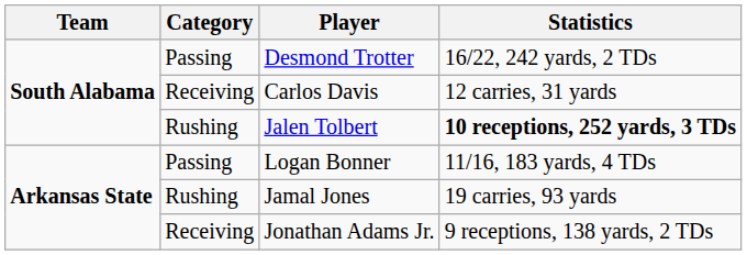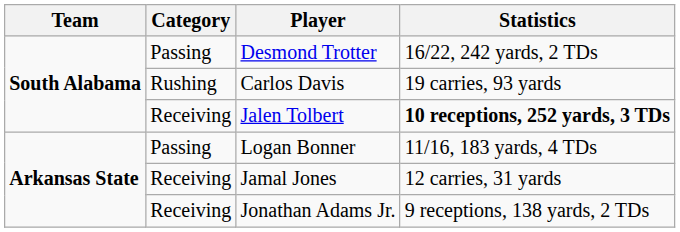 <table class="wikitable" style="float: left;">
 <tr>
 <th>Team</th>
 <th>Category</th>
 <th>Player</th>
 <th>Statistics</th>
 </tr>
 <tr>
 <td rowspan=3><strong>South Alabama</strong></td>
 <td>Passing</td>
 <td><a href='#'>Desmond Trotter</a></td>
 <td>16/22, 242 yards, 2 TDs</td>
 </tr>
 <tr>
-<td>Receiving</td>
+<td>Rushing</td>
 <td>Carlos Davis</td>
-<td>12 carries, 31 yards</td>
+<td>19 carries, 93 yards</td>
 </tr>
 <tr>
-<td>Rushing</td>
+<td>Receiving</td>
 <td><a href='#'>Jalen Tolbert</a></td>
 <td><strong>10 receptions, 252 yards, 3 TDs</strong></td>
 </tr>
 <tr>
 <td rowspan=3><strong>Arkansas State</strong></td>
 <td>Passing</td>
 <td>Logan Bonner</td>
 <td>11/16, 183 yards, 4 TDs</td>
 </tr>
 <tr>
-<td>Rushing</td>
+<td>Receiving</td>
 <td>Jamal Jones</td>
-<td>19 carries, 93 yards</td>
+<td>12 carries, 31 yards</td>
 </tr>
 <tr>
 <td>Receiving</td>
 <td>Jonathan Adams Jr.</td>
 <td>9 receptions, 138 yards, 2 TDs</td>
 </tr>
 </table>
